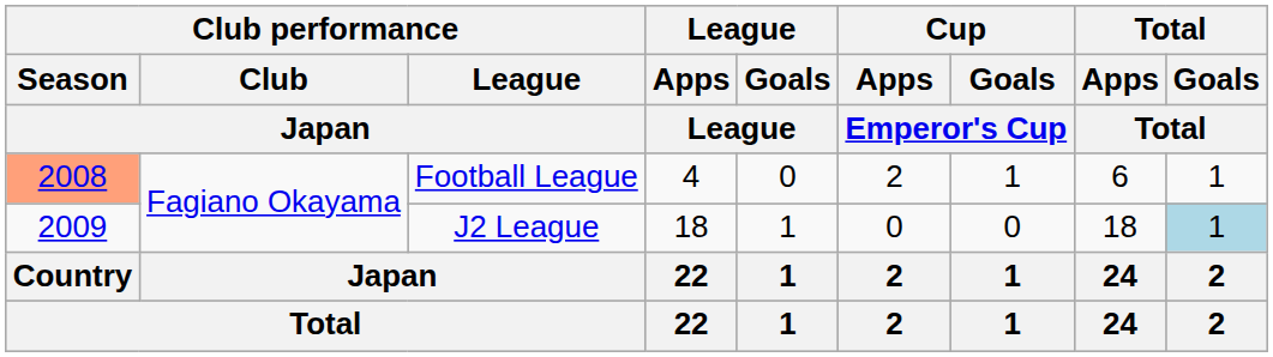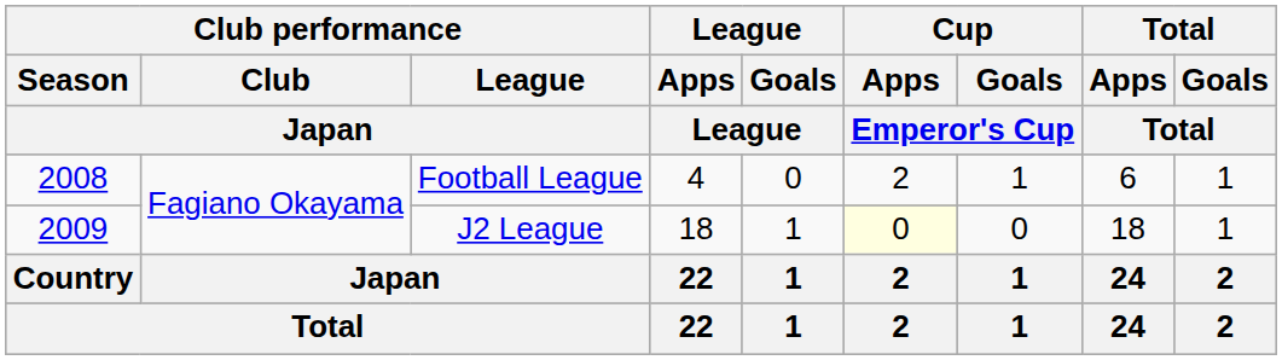 <table class="wikitable" style="text-align:center;">
 <tr>
 <th colspan=3>Club performance</th>
 <th colspan=2>League</th>
 <th colspan=2>Cup</th>
 <th colspan=2>Total</th>
 </tr>
 <tr>
 <th>Season</th>
 <th>Club</th>
 <th>League</th>
 <th>Apps</th>
 <th>Goals</th>
 <th>Apps</th>
 <th>Goals</th>
 <th>Apps</th>
 <th>Goals</th>
 </tr>
 <tr>
 <th colspan=3>Japan</th>
 <th colspan=2>League</th>
 <th colspan=2><a href='#'>Emperor's Cup</a></th>
 <th colspan=2>Total</th>
 </tr>
 <tr>
-<td style="background: lightsalmon;"><a href='#'>2008</a></td>
+<td><a href='#'>2008</a></td>
 <td rowspan="2"><a href='#'>Fagiano Okayama</a></td>
 <td><a href='#'>Football League</a></td>
 <td>4</td>
 <td>0</td>
 <td>2</td>
 <td>1</td>
 <td>6</td>
 <td>1</td>
 </tr>
 <tr>
 <td><a href='#'>2009</a></td>
 <td><a href='#'>J2 League</a></td>
 <td>18</td>
 <td>1</td>
-<td>0</td>
+<td style="background: lightyellow;">0</td>
 <td>0</td>
 <td>18</td>
-<td style="background: lightblue;">1</td>
+<td>1</td>
 </tr>
 <tr>
 <th rowspan=1>Country</th>
 <th colspan=2>Japan</th>
 <th>22</th>
 <th>1</th>
 <th>2</th>
 <th>1</th>
 <th>24</th>
 <th>2</th>
 </tr>
 <tr>
 <th colspan=3>Total</th>
 <th>22</th>
 <th>1</th>
 <th>2</th>
 <th>1</th>
 <th>24</th>
 <th>2</th>
 </tr>
 </table>
